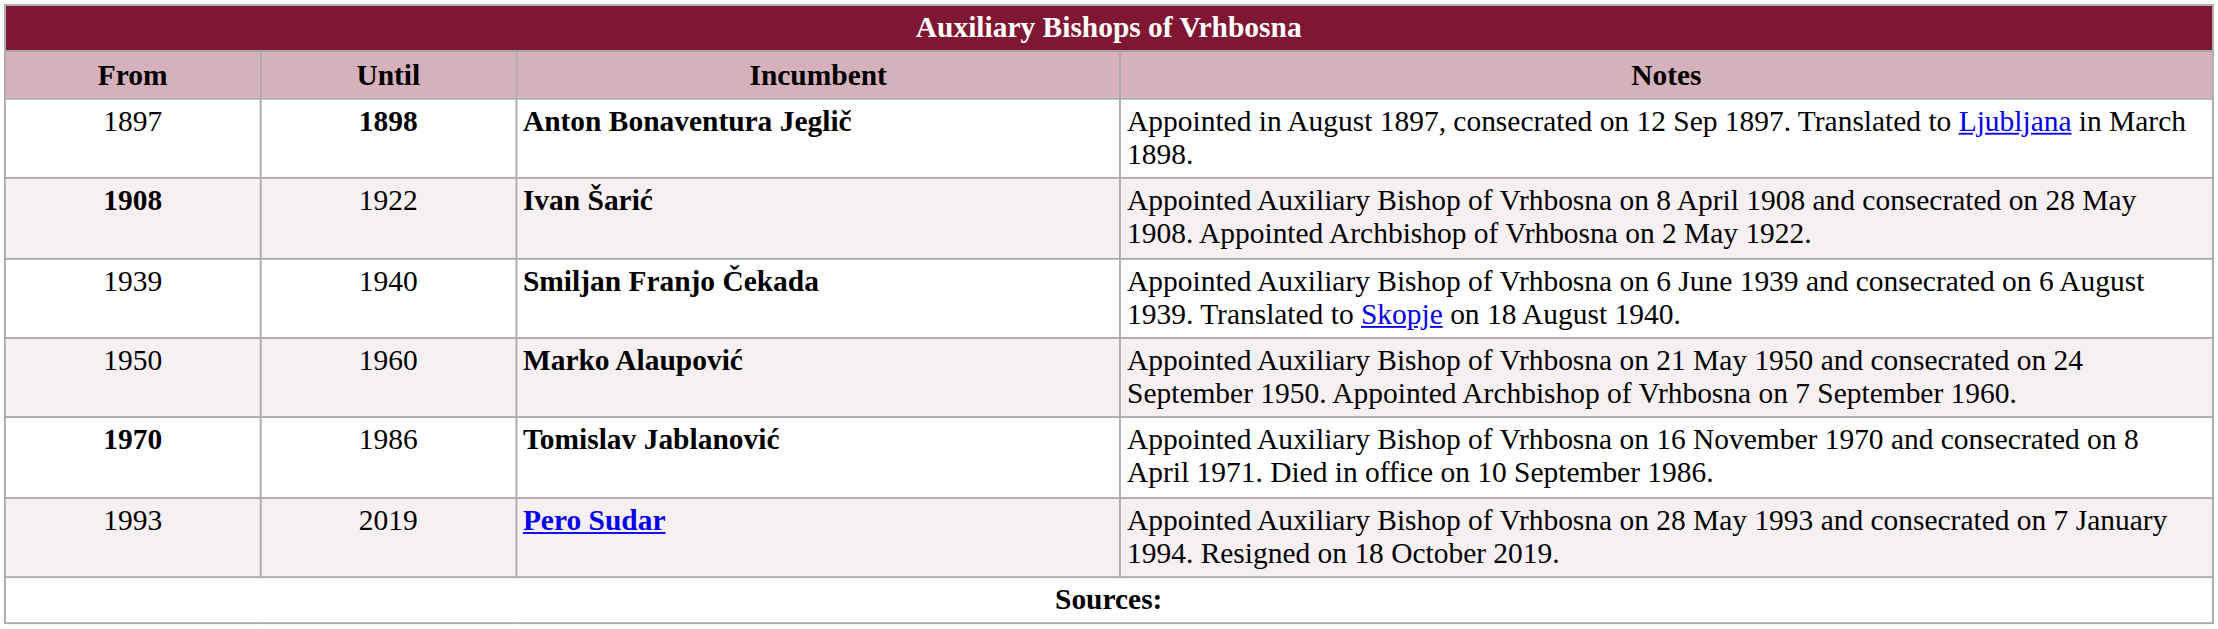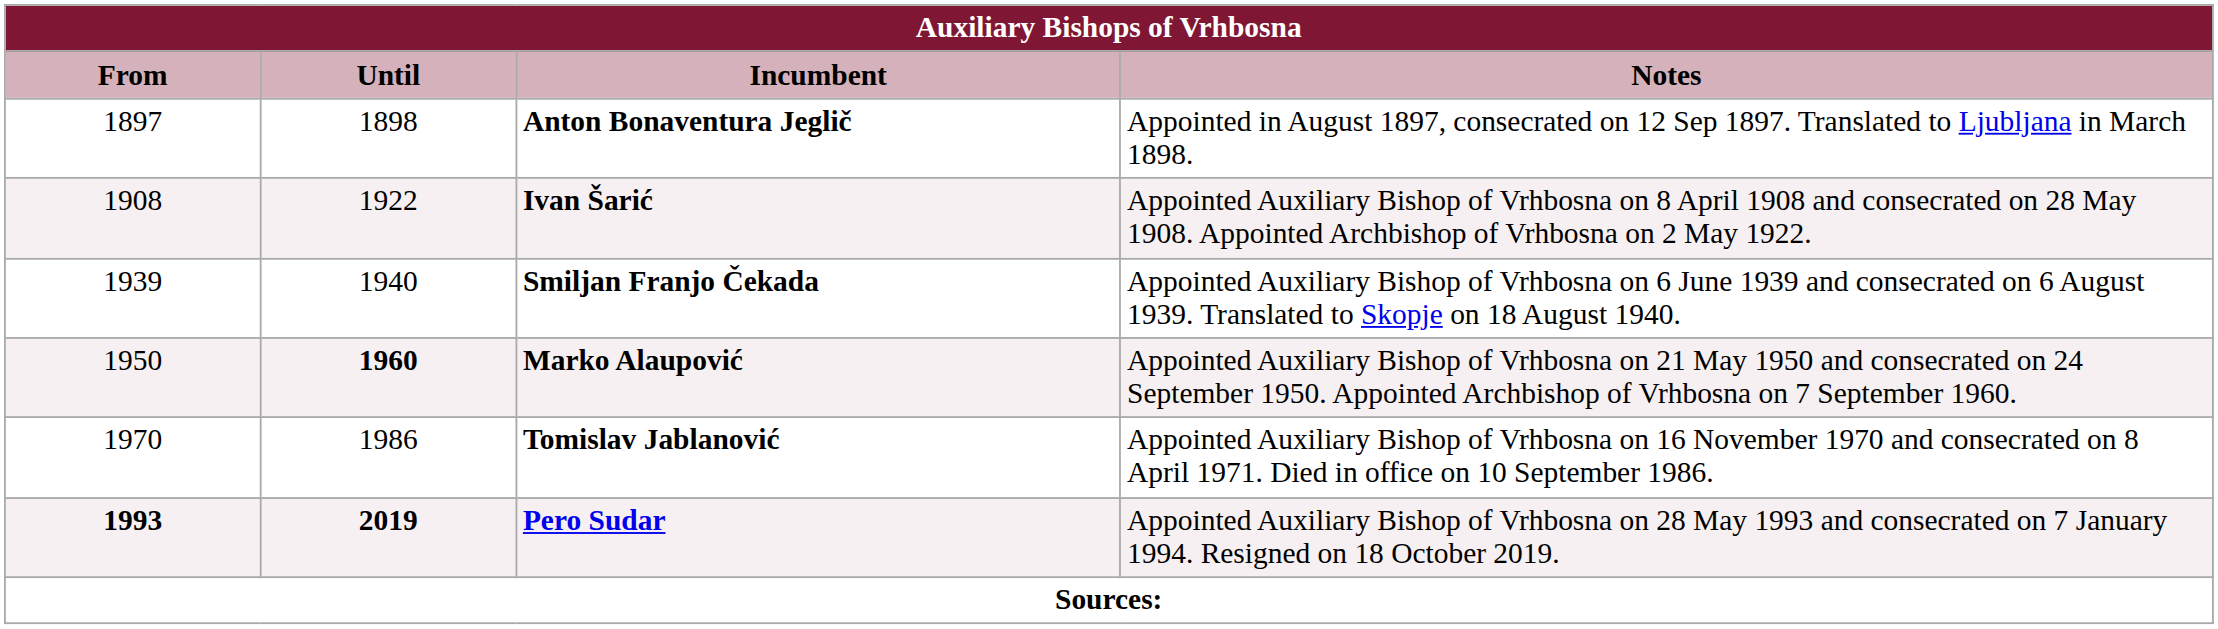 <table class="wikitable" style="width:95%; border:1">
 <tr>
 <th colspan="4" style="background-color: #7F1734; color: white;">Auxiliary Bishops of Vrhbosna</th>
 </tr>
 <tr>
 <th style="background-color: #D4B1BB; width: 11%;">From</th>
 <th style="background-color: #D4B1BB; width: 11%;">Until</th>
 <th style="background-color: #D4B1BB; width: 26%;">Incumbent</th>
 <th style="background-color: #D4B1BB; width: 47%;">Notes</th>
 </tr>
 <tr valign="top" style="background-color: white;">
 <td style="text-align: center;">1897</td>
-<td style="text-align: center;"><strong>1898</strong></td>
+<td style="text-align: center;">1898</td>
 <td><strong>Anton Bonaventura Jeglič</strong></td>
 <td>Appointed in August 1897, consecrated on 12 Sep 1897. Translated to <a href='#'>Ljubljana</a> in March 1898.</td>
 </tr>
 <tr valign="top" style="background-color: #F7F0F2;">
-<td style="text-align: center;"><strong>1908</strong></td>
+<td style="text-align: center;">1908</td>
 <td style="text-align: center;">1922</td>
 <td><strong>Ivan Šarić</strong></td>
 <td>Appointed Auxiliary Bishop of Vrhbosna on 8 April 1908 and consecrated on 28 May 1908. Appointed Archbishop of Vrhbosna on 2 May 1922.</td>
 </tr>
 <tr valign="top" style="background-color: white;">
 <td style="text-align: center;">1939</td>
 <td style="text-align: center;">1940</td>
 <td><strong>Smiljan Franjo Čekada</strong></td>
 <td>Appointed Auxiliary Bishop of Vrhbosna on 6 June 1939 and consecrated on 6 August 1939. Translated to <a href='#'>Skopje</a> on 18 August 1940.</td>
 </tr>
 <tr valign="top" style="background-color: #F7F0F2;">
 <td style="text-align: center;">1950</td>
-<td style="text-align: center;">1960</td>
+<td style="text-align: center;"><strong>1960</strong></td>
 <td><strong>Marko Alaupović</strong></td>
 <td>Appointed Auxiliary Bishop of Vrhbosna on 21 May 1950 and consecrated on 24 September 1950. Appointed Archbishop of Vrhbosna on 7 September 1960.</td>
 </tr>
 <tr valign="top" style="background-color: white;">
-<td style="text-align: center;"><strong>1970</strong></td>
+<td style="text-align: center;">1970</td>
 <td style="text-align: center;">1986</td>
 <td><strong>Tomislav Jablanović</strong></td>
 <td>Appointed Auxiliary Bishop of Vrhbosna on 16 November 1970 and consecrated on 8 April 1971. Died in office on 10 September 1986.</td>
 </tr>
 <tr valign="top" style="background-color: #F7F0F2;">
-<td style="text-align: center;">1993</td>
-<td style="text-align: center;">2019</td>
+<td style="text-align: center;"><strong>1993</strong></td>
+<td style="text-align: center;"><strong>2019</strong></td>
 <td><strong><a href='#'>Pero Sudar</a></strong></td>
 <td>Appointed Auxiliary Bishop of Vrhbosna on 28 May 1993 and consecrated on 7 January 1994. Resigned on 18 October 2019.</td>
 </tr>
 <tr valign="top" style="background-color: white;">
 <td colspan="5" style="text-align: center;"><strong>Sources:</strong></td>
 </tr>
 </table>
